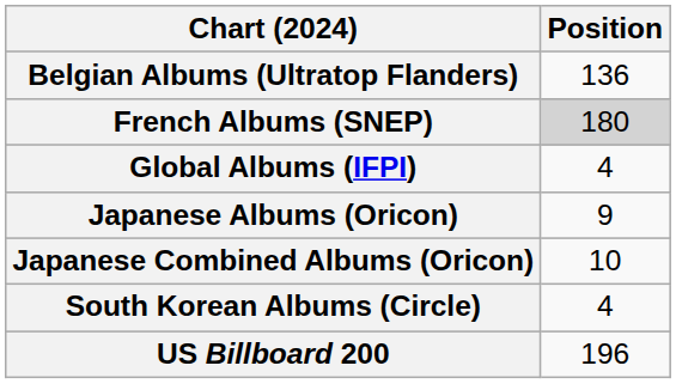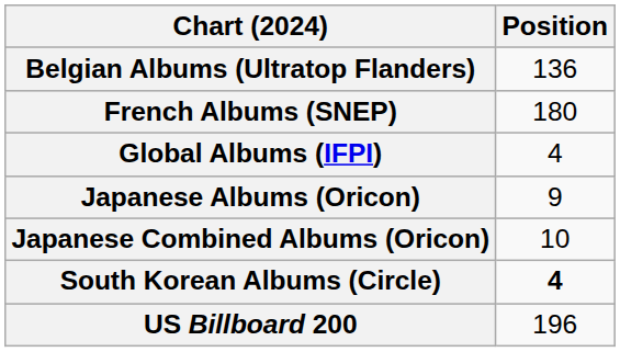 <table class="wikitable sortable plainrowheaders" style="text-align:center">
 <tr>
 <th scope="col">Chart (2024)</th>
 <th scope="col">Position</th>
 </tr>
 <tr>
 <th scope="row">Belgian Albums (Ultratop Flanders)</th>
 <td>136</td>
 </tr>
 <tr>
 <th scope="row">French Albums (SNEP)</th>
-<td style="background: lightgrey;">180</td>
+<td>180</td>
 </tr>
 <tr>
 <th scope="row">Global Albums (<a href='#'>IFPI</a>)</th>
 <td>4</td>
 </tr>
 <tr>
 <th scope="row">Japanese Albums (Oricon)</th>
 <td>9</td>
 </tr>
 <tr>
 <th scope="row">Japanese Combined Albums (Oricon)</th>
 <td>10</td>
 </tr>
 <tr>
 <th scope="row">South Korean Albums (Circle)</th>
-<td>4</td>
+<td><strong>4</strong></td>
 </tr>
 <tr>
 <th scope="row">US <em>Billboard</em> 200</th>
 <td>196</td>
 </tr>
 </table>
